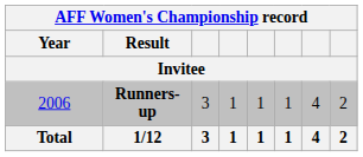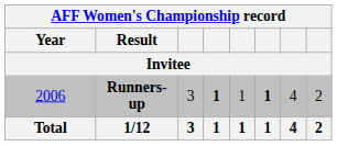 <table class="wikitable" style="text-align: center;">
 <tr>
 <th colspan=9><a href='#'>AFF Women's Championship</a> record</th>
 </tr>
 <tr>
 <th width="90">Year</th>
 <th width="80">Result</th>
 <th width="20"></th>
 <th width="20"></th>
 <th width="20"></th>
 <th width="20"></th>
 <th width="20"></th>
 <th width="20"></th>
 </tr>
 <tr>
 <th colspan=8>Invitee</th>
 </tr>
 <tr style="background:silver;">
 <td> <a href='#'>2006</a></td>
 <td><strong>Runners-up</strong></td>
 <td>3</td>
+<td><strong>1</strong></td>
 <td>1</td>
-<td>1</td>
-<td>1</td>
+<td><strong>1</strong></td>
 <td>4</td>
 <td>2</td>
 </tr>
 <tr>
 <th>Total</th>
 <th>1/12</th>
 <th>3</th>
 <th>1</th>
 <th>1</th>
 <th>1</th>
 <th>4</th>
 <th>2</th>
 </tr>
 </table>
